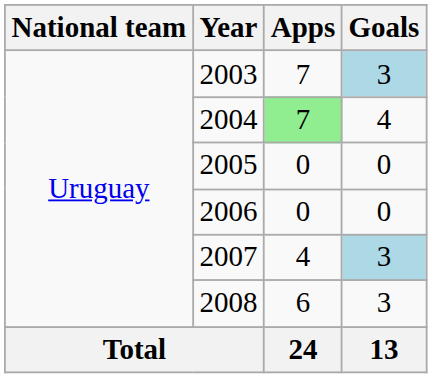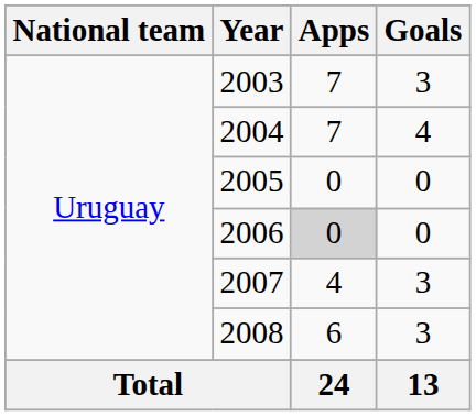 <table class="wikitable" style="text-align:center">
 <tr>
 <th>National team</th>
 <th>Year</th>
 <th>Apps</th>
 <th>Goals</th>
 </tr>
 <tr>
 <td rowspan="6"><a href='#'>Uruguay</a></td>
 <td>2003</td>
 <td>7</td>
-<td style="background: lightblue;">3</td>
+<td>3</td>
 </tr>
 <tr>
 <td>2004</td>
-<td style="background: lightgreen;">7</td>
+<td>7</td>
 <td>4</td>
 </tr>
 <tr>
 <td>2005</td>
 <td>0</td>
 <td>0</td>
 </tr>
 <tr>
 <td>2006</td>
-<td>0</td>
+<td style="background: lightgrey;">0</td>
 <td>0</td>
 </tr>
 <tr>
 <td>2007</td>
 <td>4</td>
-<td style="background: lightblue;">3</td>
+<td>3</td>
 </tr>
 <tr>
 <td>2008</td>
 <td>6</td>
 <td>3</td>
 </tr>
 <tr>
 <th colspan=2>Total</th>
 <th>24</th>
 <th>13</th>
 </tr>
 </table>
